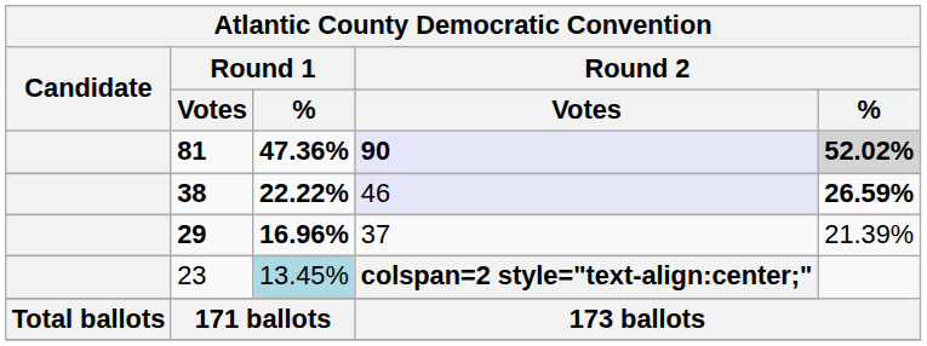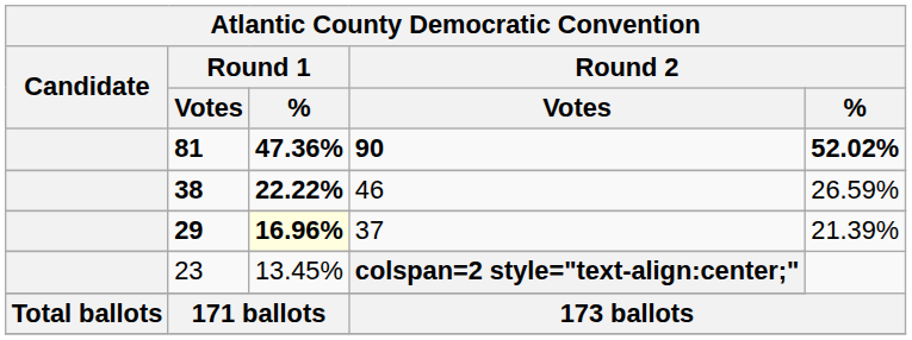 <table class="wikitable sortable">
 <tr>
 <th colspan=" 19 ">Atlantic County Democratic Convention</th>
 </tr>
 <tr style="background:#eee; text-align:center;">
 <th rowspan=2 style="text-align:center;">Candidate</th>
 <th colspan=2 style="text-align:center;">Round 1</th>
 <th colspan=2 style="text-align:center;">Round 2</th>
 </tr>
 <tr>
 <th>Votes</th>
 <th>%</th>
 <th>Votes</th>
 <th>%</th>
 </tr>
 <tr>
 <th scope="row" style="text-align:left;"></th>
 <td><strong>81</strong></td>
 <td><strong>47.36%</strong></td>
-<td style="background: lavender;"><strong>90</strong></td>
-<td style="background: lightgrey;"><strong>52.02%</strong></td>
+<td><strong>90</strong></td>
+<td><strong>52.02%</strong></td>
 </tr>
 <tr>
 </tr>
 <tr>
 </tr>
 <tr>
 <th scope="row" style="text-align:left;"></th>
 <td><strong>38</strong></td>
 <td><strong>22.22%</strong></td>
-<td style="background: lavender;">46</td>
-<td><strong>26.59%</strong></td>
+<td>46</td>
+<td>26.59%</td>
 </tr>
 <tr>
 </tr>
 <tr>
 </tr>
 <tr>
 <th scope="row" style="text-align:left;"></th>
 <td><strong>29</strong></td>
-<td><strong>16.96%</strong></td>
+<td style="background: lightyellow;"><strong>16.96%</strong></td>
 <td>37</td>
 <td>21.39%</td>
 </tr>
 <tr>
 </tr>
 <tr>
 </tr>
 <tr>
 <th scope="row" style="text-align:left;"></th>
 <td>23</td>
-<td style="background: lightblue;">13.45%</td>
+<td>13.45%</td>
 <th>colspan=2 style="text-align:center;" </th>
 </tr>
 <tr>
 </tr>
 <tr>
 <th scope="row" style="text-align:left;">Total ballots</th>
 <th colspan="2">171 ballots</th>
 <th colspan="2">173 ballots</th>
 </tr>
 <tr>
 </tr>
 </table>
